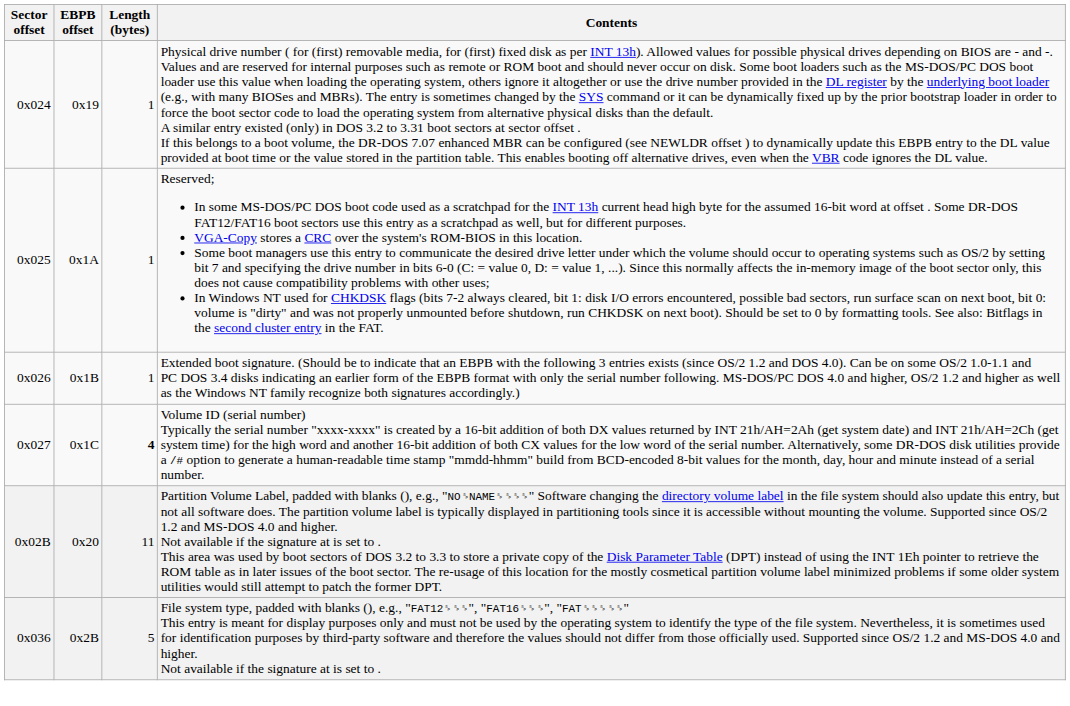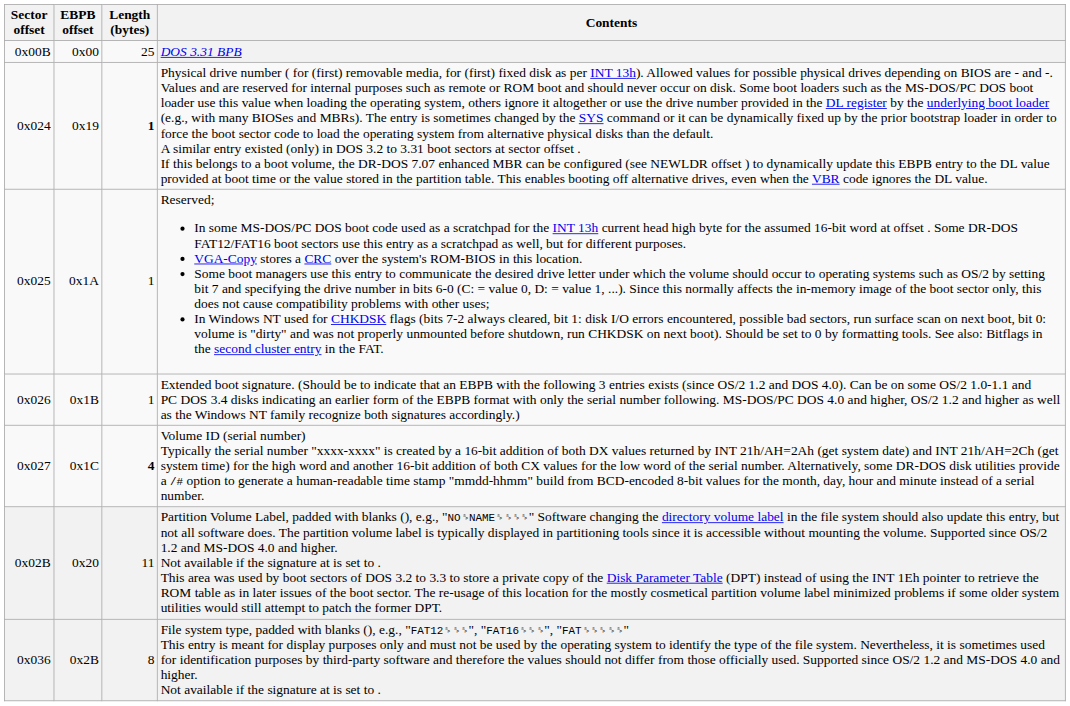 <table class="wikitable sortable mw-collapsible mw-collapsed" width="100%">
 <tr>
 <th>Sector offset</th>
 <th>EBPB offset</th>
 <th>Length (bytes)</th>
 <th>Contents</th>
 </tr>
 <tr>
+<td style="text-align:right;">0x00B</td>
+<td style="text-align:right;">0x00</td>
+<td style="text-align:right;">25</td>
+<td style="background:#F2F2F2"><em><a href='#'>DOS 3.31 BPB</a></em></td>
+</tr>
+<tr>
 <td style="text-align:right;">0x024</td>
 <td style="text-align:right;">0x19</td>
-<td style="text-align:right;">1</td>
+<td style="text-align:right;"><strong>1</strong></td>
 <td>Physical drive number ( for (first) removable media,  for (first) fixed disk as per <a href='#'>INT 13h</a>). Allowed values for possible physical drives depending on BIOS are - and -. Values  and  are reserved for internal purposes such as remote or ROM boot and should never occur on disk. Some boot loaders such as the MS-DOS/PC DOS boot loader use this value when loading the operating system, others ignore it altogether or use the drive number provided in the <a href='#'>DL register</a> by the <a href='#'>underlying boot loader</a> (e.g., with many BIOSes and MBRs). The entry is sometimes changed by the <a href='#'>SYS</a> command or it can be dynamically fixed up by the prior bootstrap loader in order to force the boot sector code to load the operating system from alternative physical disks than the default.<br>A similar entry existed (only) in DOS 3.2 to 3.31 boot sectors at sector offset .<br>If this belongs to a boot volume, the DR-DOS 7.07 enhanced MBR can be configured (see NEWLDR offset ) to dynamically update this EBPB entry to the DL value provided at boot time or the value stored in the partition table. This enables booting off alternative drives, even when the <a href='#'>VBR</a> code ignores the DL value.</td>
 </tr>
 <tr>
 <td style="text-align:right;">0x025</td>
 <td style="text-align:right;">0x1A</td>
 <td style="text-align:right;">1</td>
 <td>Reserved;<br><ul><li>In some MS-DOS/PC DOS boot code used as a scratchpad for the <a href='#'>INT 13h</a> current head high byte for the assumed 16-bit word at offset . Some DR-DOS FAT12/FAT16 boot sectors use this entry as a scratchpad as well, but for different purposes.</li><li><a href='#'>VGA-Copy</a> stores a <a href='#'>CRC</a> over the system's ROM-BIOS in this location.</li><li>Some boot managers use this entry to communicate the desired drive letter under which the volume should occur to operating systems such as OS/2 by setting bit 7 and specifying the drive number in bits 6-0 (C: = value 0, D: = value 1, ...). Since this normally affects the in-memory image of the boot sector only, this does not cause compatibility problems with other uses;</li><li>In Windows NT used for <a href='#'>CHKDSK</a> flags (bits 7-2 always cleared, bit 1: disk I/O errors encountered, possible bad sectors, run surface scan on next boot, bit 0: volume is "dirty" and was not properly unmounted before shutdown, run CHKDSK on next boot). Should be set to 0 by formatting tools. See also: Bitflags in the <a href='#'>second cluster entry</a> in the FAT.</li></ul></td>
 </tr>
 <tr>
 <td style="text-align:right;">0x026</td>
 <td style="text-align:right;">0x1B</td>
 <td style="text-align:right;">1</td>
 <td>Extended boot signature. (Should be  to indicate that an EBPB with the following 3 entries exists (since OS/2 1.2 and DOS 4.0). Can be  on some OS/2 1.0-1.1 and PC DOS 3.4 disks indicating an earlier form of the EBPB format with only the serial number following. MS-DOS/PC DOS 4.0 and higher, OS/2 1.2 and higher as well as the Windows NT family recognize both signatures accordingly.)</td>
 </tr>
 <tr>
 <td style="text-align:right;">0x027</td>
 <td style="text-align:right;">0x1C</td>
 <td style="text-align:right;"><strong>4</strong></td>
 <td>Volume ID (serial number)<br>Typically the serial number "xxxx-xxxx" is created by a 16-bit addition of both DX values returned by INT 21h/AH=2Ah (get system date) and INT 21h/AH=2Ch (get system time) for the high word and another 16-bit addition of both CX values for the low word of the serial number. Alternatively, some DR-DOS disk utilities provide a <code>/#</code> option to generate a human-readable time stamp "mmdd-hhmm" build from BCD-encoded 8-bit values for the month, day, hour and minute instead of a serial number.</td>
 </tr>
 <tr>
 <td style="background:#f2f2f2; text-align:right;">0x02B</td>
 <td style="background:#f2f2f2; text-align:right;">0x20</td>
 <td style="background:#f2f2f2; text-align:right;">11</td>
 <td style="background:#F2F2F2">Partition Volume Label, padded with blanks (), e.g., "<code>NO␠NAME␠␠␠␠</code>" Software changing the <a href='#'>directory volume label</a> in the file system should also update this entry, but not all software does. The partition volume label is typically displayed in partitioning tools since it is accessible without mounting the volume. Supported since OS/2 1.2 and MS-DOS 4.0 and higher.<br>Not available if the signature at  is set to .<br>This area was used by boot sectors of DOS 3.2 to 3.3 to store a private copy of the <a href='#'>Disk Parameter Table</a> (DPT) instead of using the INT 1Eh pointer to retrieve the ROM table as in later issues of the boot sector. The re-usage of this location for the mostly cosmetical partition volume label minimized problems if some older system utilities would still attempt to patch the former DPT.</td>
 </tr>
 <tr>
 <td style="background:#f2f2f2; text-align:right;">0x036</td>
 <td style="background:#f2f2f2; text-align:right;">0x2B</td>
-<td style="background:#f2f2f2; text-align:right;">5</td>
+<td style="background:#f2f2f2; text-align:right;">8</td>
 <td style="background:#F2F2F2">File system type, padded with blanks (), e.g., "<code>FAT12␠␠␠</code>", "<code>FAT16␠␠␠</code>", "<code>FAT␠␠␠␠␠</code>"<br>This entry is meant for display purposes only and must not be used by the operating system to identify the type of the file system. Nevertheless, it is sometimes used for identification purposes by third-party software and therefore the values should not differ from those officially used. Supported since OS/2 1.2 and MS-DOS 4.0 and higher.<br>Not available if the signature at  is set to .</td>
 </tr>
 </table>
